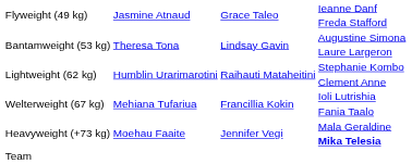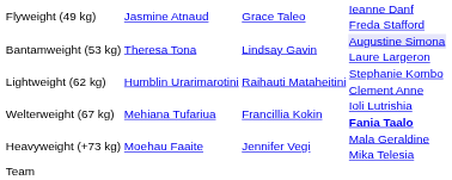 <table>
 <tr>
 <td rowspan=2>Flyweight (49 kg)</td>
 <td rowspan=2><a href='#'>Jasmine Atnaud</a><br></td>
 <td rowspan=2><a href='#'>Grace Taleo</a><br></td>
 <td><a href='#'>Ieanne Danf</a><br></td>
 </tr>
 <tr>
 <td><a href='#'>Freda Stafford</a><br></td>
 </tr>
 <tr>
 <td rowspan=2>Bantamweight (53 kg)</td>
 <td rowspan=2><a href='#'>Theresa Tona</a><br></td>
 <td rowspan=2><a href='#'>Lindsay Gavin</a><br></td>
-<td><a href='#'>Augustine Simona</a><br></td>
+<td style="background: lavender;"><a href='#'>Augustine Simona</a><br></td>
 </tr>
 <tr>
 <td><a href='#'>Laure Largeron</a><br></td>
 </tr>
 <tr>
 <td rowspan=2>Lightweight (62 kg)</td>
 <td rowspan=2><a href='#'>Humblin Urarimarotini</a><br></td>
 <td rowspan=2><a href='#'>Raihauti Mataheitini</a><br></td>
 <td><a href='#'>Stephanie Kombo</a><br></td>
 </tr>
 <tr>
 <td><a href='#'>Clement Anne</a><br></td>
 </tr>
 <tr>
 <td rowspan=2>Welterweight (67 kg)</td>
 <td rowspan=2><a href='#'>Mehiana Tufariua</a><br></td>
 <td rowspan=2><a href='#'>Francillia Kokin</a><br></td>
 <td><a href='#'>Ioli Lutrishia</a><br></td>
 </tr>
 <tr>
-<td><a href='#'>Fania Taalo</a><br></td>
+<td><strong><a href='#'>Fania Taalo</a><br></strong></td>
 </tr>
 <tr>
 <td rowspan=2>Heavyweight (+73 kg)</td>
 <td rowspan=2><a href='#'>Moehau Faaite</a><br></td>
 <td rowspan=2><a href='#'>Jennifer Vegi</a><br></td>
 <td><a href='#'>Mala Geraldine</a><br></td>
 </tr>
 <tr>
-<td><strong><a href='#'>Mika Telesia</a><br></strong></td>
+<td><a href='#'>Mika Telesia</a><br></td>
 </tr>
 <tr>
 <td rowspan=2>Team</td>
 <td rowspan=2></td>
 <td rowspan=2></td>
 <td></td>
 </tr>
 <tr>
 <td></td>
 </tr>
 </table>
